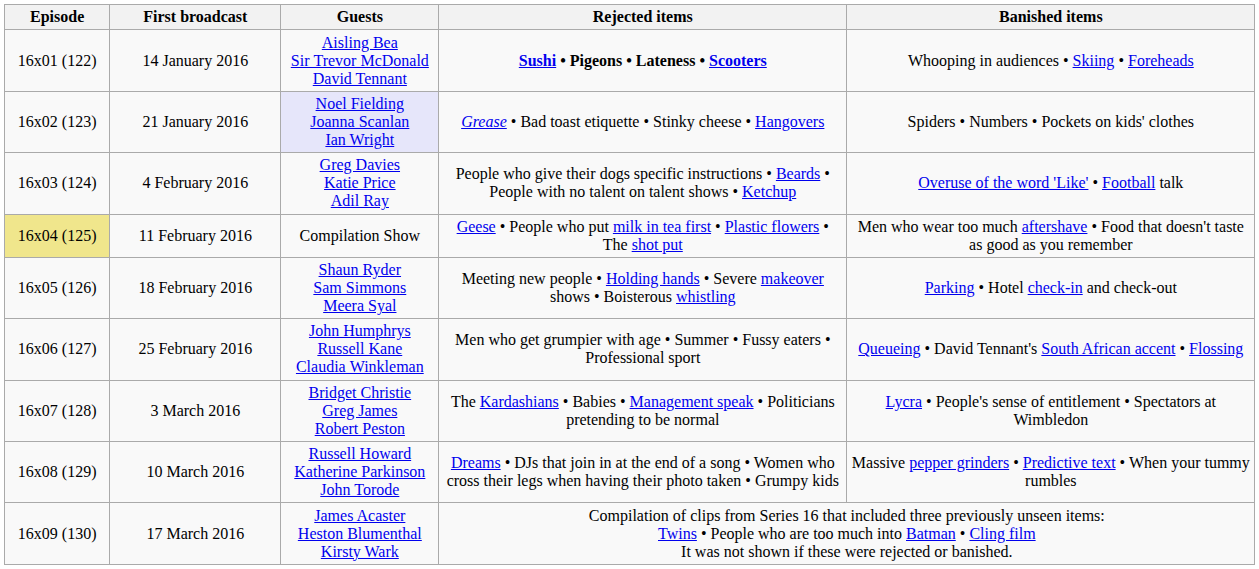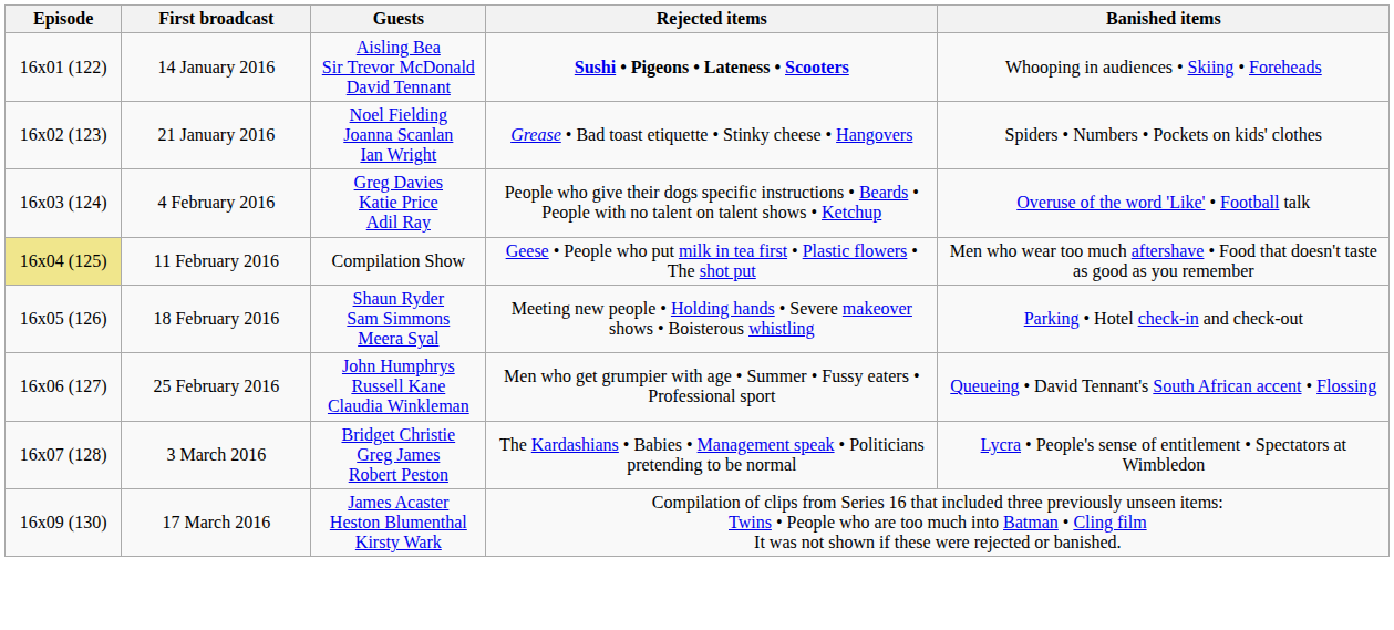 <table class="wikitable"  style="width:99%; left:0 auto; text-align:center;">
 <tr>
 <th style="width:8%;">Episode</th>
 <th style="width:13%;">First broadcast</th>
 <th style="width:12%;">Guests</th>
 <th style="width:31%;">Rejected items</th>
 <th style="width:31%;">Banished items</th>
 </tr>
 <tr>
 <td>16x01 (122)</td>
 <td>14 January 2016</td>
 <td><a href='#'>Aisling Bea</a><br><a href='#'>Sir Trevor McDonald</a><br><a href='#'>David Tennant</a></td>
 <td><strong><a href='#'>Sushi</a> • Pigeons • Lateness • <a href='#'>Scooters</a></strong></td>
 <td>Whooping in audiences • <a href='#'>Skiing</a> • <a href='#'>Foreheads</a></td>
 </tr>
 <tr>
 <td>16x02 (123)</td>
 <td>21 January 2016</td>
-<td style="background: lavender;"><a href='#'>Noel Fielding</a><br><a href='#'>Joanna Scanlan</a><br><a href='#'>Ian Wright</a></td>
+<td><a href='#'>Noel Fielding</a><br><a href='#'>Joanna Scanlan</a><br><a href='#'>Ian Wright</a></td>
 <td><em><a href='#'>Grease</a></em> • Bad toast etiquette • Stinky cheese • <a href='#'>Hangovers</a></td>
 <td>Spiders • Numbers • Pockets on kids' clothes </td>
 </tr>
 <tr>
 <td>16x03 (124)</td>
 <td>4 February 2016</td>
 <td><a href='#'>Greg Davies</a><br><a href='#'>Katie Price</a><br><a href='#'>Adil Ray</a></td>
 <td>People who give their dogs specific instructions • <a href='#'>Beards</a> • People with no talent on talent shows • <a href='#'>Ketchup</a></td>
 <td><a href='#'>Overuse of the word 'Like'</a> • <a href='#'>Football</a> talk</td>
 </tr>
 <tr>
 <td style="background: khaki;">16x04 (125)</td>
 <td>11 February 2016</td>
 <td>Compilation Show</td>
 <td><a href='#'>Geese</a> •  People who put <a href='#'>milk in tea first</a> • <a href='#'>Plastic flowers</a> • The <a href='#'>shot put</a></td>
 <td>Men who wear too much <a href='#'>aftershave</a> • Food that doesn't taste as good as you remember</td>
 </tr>
 <tr>
 <td>16x05 (126)</td>
 <td>18 February 2016</td>
 <td><a href='#'>Shaun Ryder</a><br><a href='#'>Sam Simmons</a><br><a href='#'>Meera Syal</a></td>
 <td>Meeting new people • <a href='#'>Holding hands</a> • Severe <a href='#'>makeover</a> shows • Boisterous <a href='#'>whistling</a></td>
 <td><a href='#'>Parking</a> • Hotel <a href='#'>check-in</a> and check-out</td>
 </tr>
 <tr>
 <td>16x06 (127)</td>
 <td>25 February 2016</td>
 <td><a href='#'>John Humphrys</a><br><a href='#'>Russell Kane</a><br><a href='#'>Claudia&nbsp;Winkleman</a></td>
 <td>Men who get grumpier with age • Summer • Fussy eaters • Professional sport</td>
 <td><a href='#'>Queueing</a> • David Tennant's <a href='#'>South African accent</a> • <a href='#'>Flossing</a></td>
 </tr>
 <tr>
 <td>16x07 (128)</td>
 <td>3 March 2016</td>
 <td><a href='#'>Bridget Christie</a><br><a href='#'>Greg James</a><br><a href='#'>Robert Peston</a></td>
 <td>The <a href='#'>Kardashians</a> • Babies • <a href='#'>Management speak</a> • Politicians pretending to be normal</td>
 <td><a href='#'>Lycra</a> • People's sense of entitlement • Spectators at Wimbledon</td>
 </tr>
 <tr>
-<td>16x08 (129)</td>
-<td>10 March 2016</td>
-<td><a href='#'>Russell Howard</a><br><a href='#'>Katherine Parkinson</a><br><a href='#'>John Torode</a></td>
-<td><a href='#'>Dreams</a> • DJs that join in at the end of a song • Women who cross their legs when having their photo taken • Grumpy kids</td>
-<td>Massive <a href='#'>pepper grinders</a> • <a href='#'>Predictive text</a> • When your tummy rumbles</td>
-</tr>
-<tr>
 <td>16x09 (130)</td>
 <td>17 March 2016</td>
 <td><a href='#'>James Acaster</a><br><a href='#'>Heston Blumenthal</a><br><a href='#'>Kirsty Wark</a></td>
 <td colspan=2>Compilation of clips from Series 16 that included three previously unseen items:<br><a href='#'>Twins</a> • People who are too much into <a href='#'>Batman</a> • <a href='#'>Cling film</a><br>It was not shown if these were rejected or banished.</td>
 </tr>
 </table>
